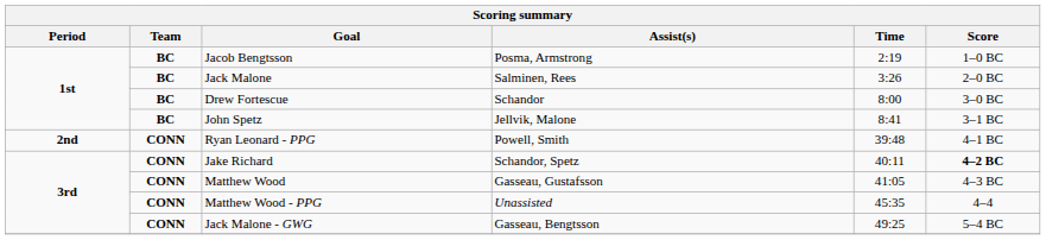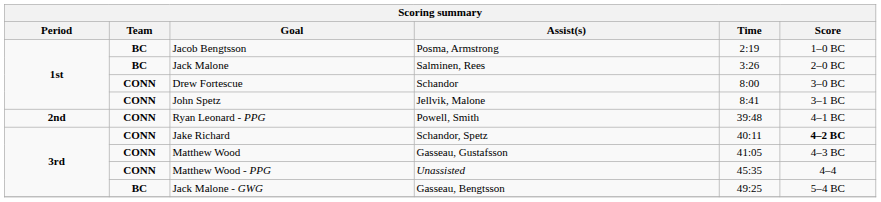 <table style="width:100%;" class="wikitable">
 <tr>
 <th colspan=6>Scoring summary</th>
 </tr>
 <tr>
 <th style="width:12%;">Period</th>
 <th style="width:7%;">Team</th>
 <th style="width:28%;">Goal</th>
 <th style="width:35%;">Assist(s)</th>
 <th style="width:7%;">Time</th>
 <th style="width:11%;">Score</th>
 </tr>
 <tr>
 <td style="text-align:center;" rowspan="4"><strong>1st</strong></td>
 <td align=center><strong>BC</strong></td>
 <td>Jacob Bengtsson</td>
 <td>Posma, Armstrong</td>
 <td align=center>2:19</td>
 <td align=center>1–0 BC</td>
 </tr>
 <tr>
 <td align=center><strong>BC</strong></td>
 <td>Jack Malone</td>
 <td>Salminen, Rees</td>
 <td align=center>3:26</td>
 <td align=center>2–0 BC</td>
 </tr>
 <tr>
-<td align=center><strong>BC</strong></td>
+<td align=center><strong>CONN</strong></td>
 <td>Drew Fortescue</td>
 <td>Schandor</td>
 <td align=center>8:00</td>
 <td align=center>3–0 BC</td>
 </tr>
 <tr>
-<td align=center><strong>BC</strong></td>
+<td align=center><strong>CONN</strong></td>
 <td>John Spetz</td>
 <td>Jellvik, Malone</td>
 <td align=center>8:41</td>
 <td align=center>3–1 BC</td>
 </tr>
 <tr>
 <td style="text-align:center;" rowspan="1"><strong>2nd</strong></td>
 <td align=center><strong>CONN</strong></td>
 <td>Ryan Leonard - <em>PPG</em></td>
 <td>Powell, Smith</td>
 <td align=center>39:48</td>
 <td align=center>4–1 BC</td>
 </tr>
 <tr>
 <td style="text-align:center;" rowspan="4"><strong>3rd</strong></td>
 <td align=center><strong>CONN</strong></td>
 <td>Jake Richard</td>
 <td>Schandor, Spetz</td>
 <td align=center>40:11</td>
 <td align=center><strong>4–2 BC</strong></td>
 </tr>
 <tr>
 <td align=center><strong>CONN</strong></td>
 <td>Matthew Wood</td>
 <td>Gasseau, Gustafsson</td>
 <td align=center>41:05</td>
 <td align=center>4–3 BC</td>
 </tr>
 <tr>
 <td align=center><strong>CONN</strong></td>
 <td>Matthew Wood - <em>PPG</em></td>
 <td><em>Unassisted</em></td>
 <td align=center>45:35</td>
 <td align=center>4–4</td>
 </tr>
 <tr>
-<td align=center><strong>CONN</strong></td>
+<td align=center><strong>BC</strong></td>
 <td>Jack Malone - <em>GWG</em></td>
 <td>Gasseau, Bengtsson</td>
 <td align=center>49:25</td>
 <td align=center>5–4 BC</td>
 </tr>
 <tr>
 </tr>
 </table>
